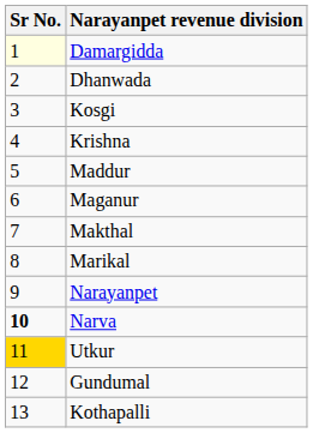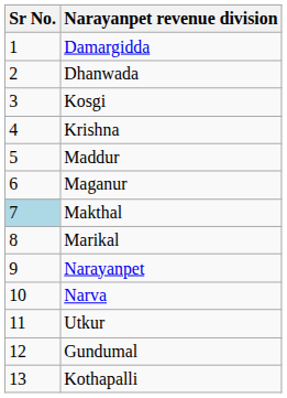 <table class="wikitable">
 <tr>
 <th>Sr No.</th>
 <th>Narayanpet revenue division</th>
 </tr>
 <tr>
-<td style="background: lightyellow;">1</td>
+<td>1</td>
 <td><a href='#'>Damargidda</a></td>
 </tr>
 <tr>
 <td>2</td>
 <td>Dhanwada</td>
 </tr>
 <tr>
 <td>3</td>
 <td>Kosgi</td>
 </tr>
 <tr>
 <td>4</td>
 <td>Krishna</td>
 </tr>
 <tr>
 <td>5</td>
 <td>Maddur</td>
 </tr>
 <tr>
 <td>6</td>
 <td>Maganur</td>
 </tr>
 <tr>
-<td>7</td>
+<td style="background: lightblue;">7</td>
 <td>Makthal</td>
 </tr>
 <tr>
 <td>8</td>
 <td>Marikal</td>
 </tr>
 <tr>
 <td>9</td>
 <td><a href='#'>Narayanpet</a></td>
 </tr>
 <tr>
-<td><strong>10</strong></td>
+<td>10</td>
 <td><a href='#'>Narva</a></td>
 </tr>
 <tr>
-<td style="background: gold;">11</td>
+<td>11</td>
 <td>Utkur</td>
 </tr>
 <tr>
 <td>12</td>
 <td>Gundumal</td>
 </tr>
 <tr>
 <td>13</td>
 <td>Kothapalli</td>
 </tr>
 </table>
